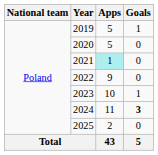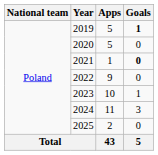 <table class="wikitable" style="text-align:center">
 <tr>
 <th>National team</th>
 <th>Year</th>
 <th>Apps</th>
 <th>Goals</th>
 </tr>
 <tr>
 <td rowspan="7"><a href='#'>Poland</a></td>
 <td>2019</td>
 <td>5</td>
-<td>1</td>
+<td><strong>1</strong></td>
 </tr>
 <tr>
 <td>2020</td>
 <td>5</td>
 <td>0</td>
 </tr>
 <tr>
 <td>2021</td>
-<td style="background: paleturquoise;">1</td>
-<td>0</td>
+<td>1</td>
+<td><strong>0</strong></td>
 </tr>
 <tr>
 <td>2022</td>
 <td>9</td>
 <td>0</td>
 </tr>
 <tr>
 <td>2023</td>
 <td>10</td>
 <td>1</td>
 </tr>
 <tr>
 <td>2024</td>
 <td>11</td>
-<td><strong>3</strong></td>
+<td>3</td>
 </tr>
 <tr>
 <td>2025</td>
 <td>2</td>
 <td>0</td>
 </tr>
 <tr>
 <th colspan="2">Total</th>
 <th>43</th>
 <th>5</th>
 </tr>
 </table>
